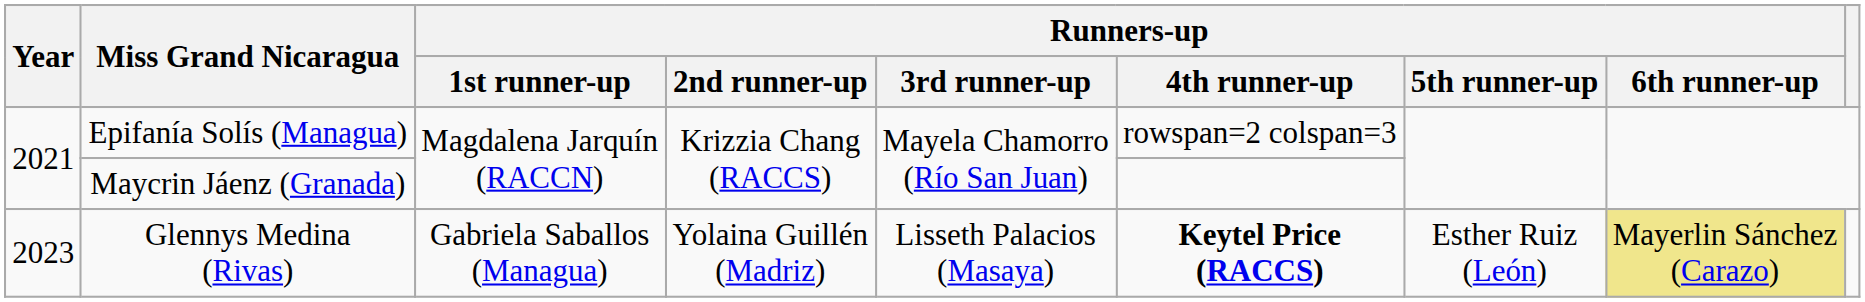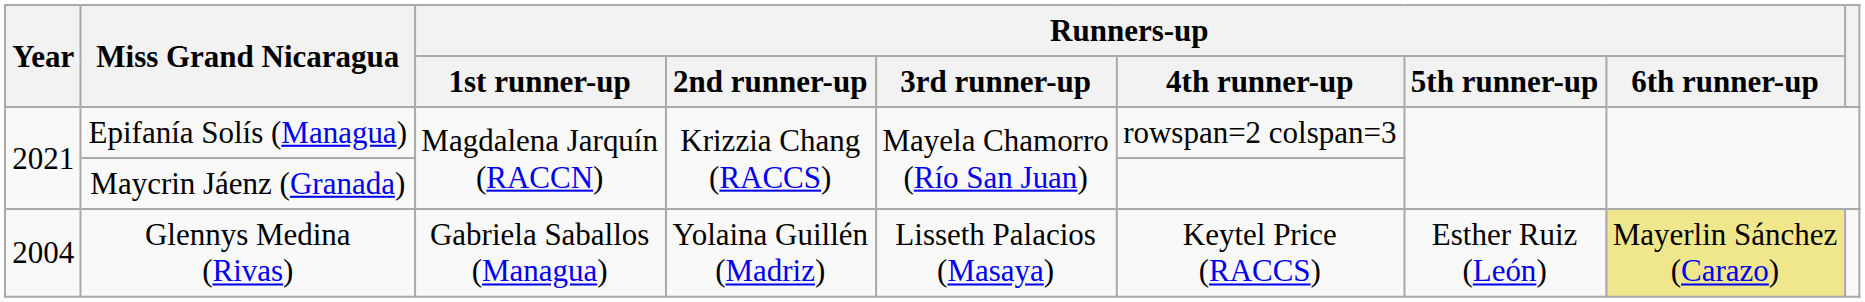 <table class="wikitable" style="font-size:95%;">
 <tr>
 <th rowspan=2>Year</th>
 <th rowspan=2>Miss Grand Nicaragua</th>
 <th colspan="6">Runners-up</th>
 <th rowspan=2></th>
 </tr>
 <tr>
 <th>1st runner-up</th>
 <th>2nd runner-up</th>
 <th>3rd runner-up</th>
 <th>4th runner-up</th>
 <th>5th runner-up</th>
 <th>6th runner-up</th>
 </tr>
 <tr style="text-align:center;">
 <td rowspan=2>2021</td>
 <td>Epifanía Solís (<a href='#'>Managua</a>)</td>
 <td rowspan=2>Magdalena Jarquín<br>(<a href='#'>RACCN</a>)</td>
 <td rowspan=2>Krizzia Chang<br>(<a href='#'>RACCS</a>)</td>
 <td rowspan=2>Mayela Chamorro<br>(<a href='#'>Río San Juan</a>)</td>
 <td>rowspan=2 colspan=3 </td>
 <td rowspan="2"></td>
 </tr>
 <tr style="text-align:center;">
 <td>Maycrin Jáenz (<a href='#'>Granada</a>)</td>
 </tr>
 <tr style="text-align:center;">
-<td>2023</td>
+<td>2004</td>
 <td>Glennys Medina<br>(<a href='#'>Rivas</a>)</td>
 <td>Gabriela Saballos<br>(<a href='#'>Managua</a>)</td>
 <td>Yolaina Guillén<br>(<a href='#'>Madriz</a>)</td>
 <td>Lisseth Palacios<br>(<a href='#'>Masaya</a>)</td>
-<td><strong>Keytel Price<br>(<a href='#'>RACCS</a>)</strong></td>
+<td>Keytel Price<br>(<a href='#'>RACCS</a>)</td>
 <td>Esther Ruiz<br>(<a href='#'>León</a>)</td>
 <td style="background: khaki;">Mayerlin Sánchez<br>(<a href='#'>Carazo</a>)</td>
 <td><br></td>
 </tr>
 </table>
